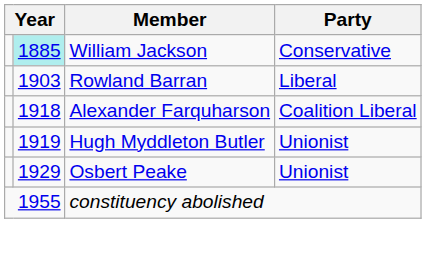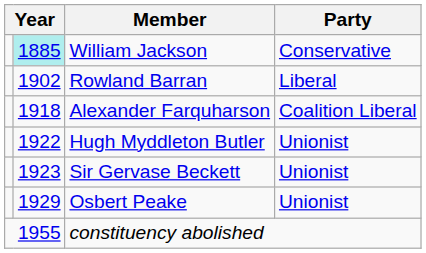 <table class="wikitable">
 <tr>
 <th colspan="2">Year</th>
 <th>Member</th>
 <th>Party</th>
 </tr>
 <tr>
 <td style="color:inherit;background-color: "></td>
 <td style="background: paleturquoise;"><a href='#'>1885</a></td>
 <td><a href='#'>William Jackson</a></td>
 <td><a href='#'>Conservative</a></td>
 </tr>
 <tr>
 <td style="color:inherit;background-color: "></td>
-<td><a href='#'>1903</a></td>
+<td><a href='#'>1902</a></td>
 <td><a href='#'>Rowland Barran</a></td>
 <td><a href='#'>Liberal</a></td>
 </tr>
 <tr>
 <td style="color:inherit;background-color: "></td>
 <td><a href='#'>1918</a></td>
 <td><a href='#'>Alexander Farquharson</a></td>
 <td><a href='#'>Coalition Liberal</a></td>
 </tr>
 <tr>
 <td style="color:inherit;background-color: "></td>
-<td><a href='#'>1919</a></td>
+<td><a href='#'>1922</a></td>
 <td><a href='#'>Hugh Myddleton Butler</a></td>
+<td><a href='#'>Unionist</a></td>
+</tr>
+<tr>
+<td style="color:inherit;background-color: "></td>
+<td><a href='#'>1923</a></td>
+<td><a href='#'>Sir Gervase Beckett</a></td>
 <td><a href='#'>Unionist</a></td>
 </tr>
 <tr>
 <td style="color:inherit;background-color: "></td>
 <td><a href='#'>1929</a></td>
 <td><a href='#'>Osbert Peake</a></td>
 <td><a href='#'>Unionist</a></td>
 </tr>
 <tr>
 <td colspan=2 align="right"><a href='#'>1955</a></td>
 <td colspan="2"><em>constituency abolished</em></td>
 </tr>
 </table>
